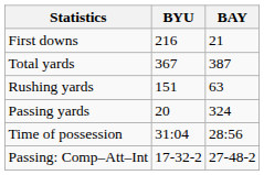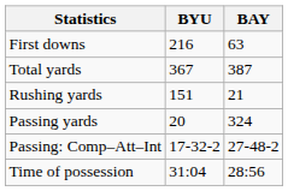 <table class="wikitable" style="float: left;">
 <tr>
 <th>Statistics</th>
 <th>BYU</th>
 <th>BAY</th>
 </tr>
 <tr>
 <td>First downs</td>
 <td>216</td>
-<td>21</td>
+<td>63</td>
 </tr>
 <tr>
 <td>Total yards</td>
 <td>367</td>
 <td>387</td>
 </tr>
 <tr>
 <td>Rushing yards</td>
 <td>151</td>
-<td>63</td>
+<td>21</td>
 </tr>
 <tr>
 <td>Passing yards</td>
 <td>20</td>
 <td>324</td>
 </tr>
 <tr>
+<td>Passing: Comp–Att–Int</td>
+<td>17-32-2</td>
+<td>27-48-2</td>
+</tr>
+<tr>
 <td>Time of possession</td>
 <td>31:04</td>
 <td>28:56</td>
 </tr>
-<tr>
-<td>Passing: Comp–Att–Int</td>
-<td>17-32-2</td>
-<td>27-48-2</td>
-</tr>
 </table>
